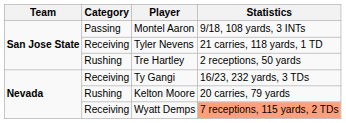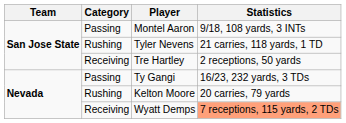 <table class="wikitable" style="float: left;">
 <tr>
 <th>Team</th>
 <th>Category</th>
 <th>Player</th>
 <th>Statistics</th>
 </tr>
 <tr>
 <td rowspan=3><strong>San Jose State</strong></td>
 <td>Passing</td>
 <td>Montel Aaron</td>
 <td>9/18, 108 yards, 3 INTs</td>
 </tr>
 <tr>
-<td>Receiving</td>
+<td>Rushing</td>
 <td>Tyler Nevens</td>
 <td>21 carries, 118 yards, 1 TD</td>
 </tr>
 <tr>
-<td>Rushing</td>
+<td>Receiving</td>
 <td>Tre Hartley</td>
 <td>2 receptions, 50 yards</td>
 </tr>
 <tr>
 <td rowspan=3><strong>Nevada</strong></td>
-<td>Receiving</td>
+<td>Passing</td>
 <td>Ty Gangi</td>
 <td>16/23, 232 yards, 3 TDs</td>
 </tr>
 <tr>
 <td>Rushing</td>
 <td>Kelton Moore</td>
 <td>20 carries, 79 yards</td>
 </tr>
 <tr>
 <td>Receiving</td>
 <td>Wyatt Demps</td>
 <td style="background: lightsalmon;">7 receptions, 115 yards, 2 TDs</td>
 </tr>
 </table>
